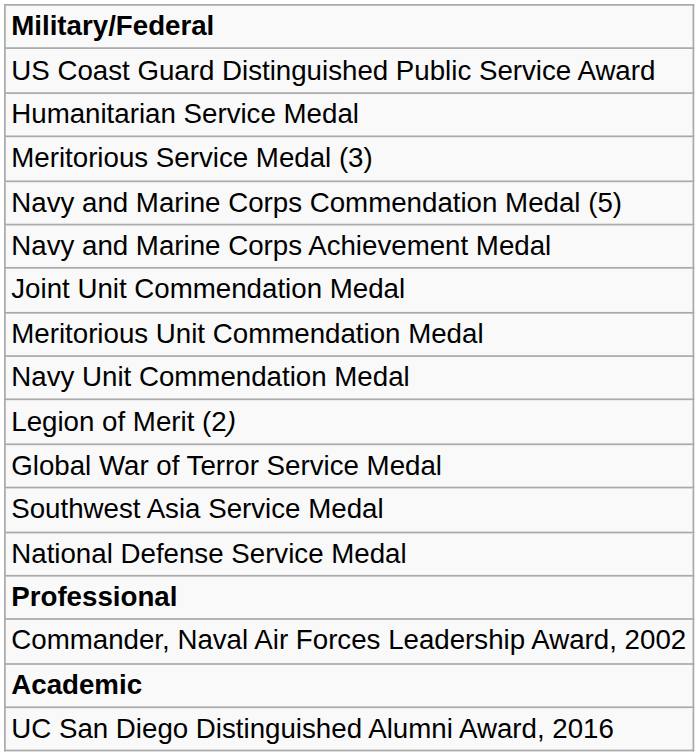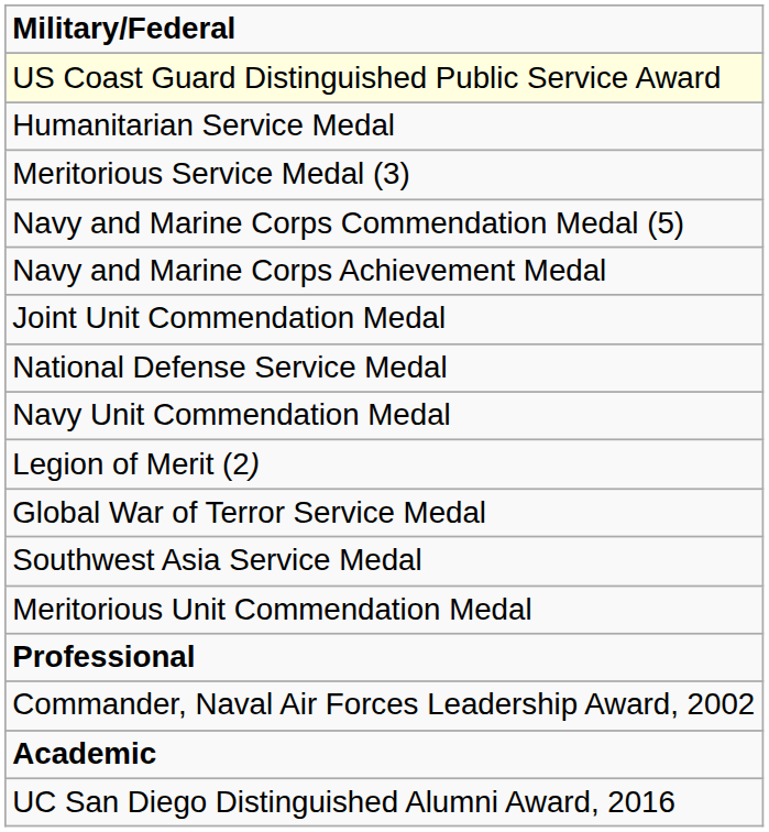 <table class="wikitable">
 <tr>
 <td><strong>Military/Federal</strong></td>
 </tr>
 <tr>
-<td>US Coast Guard Distinguished Public Service Award</td>
+<td style="background: lightyellow;">US Coast Guard Distinguished Public Service Award</td>
 </tr>
 <tr>
 <td>Humanitarian Service Medal</td>
 </tr>
 <tr>
 <td>Meritorious Service Medal (3)</td>
 </tr>
 <tr>
 <td>Navy and Marine Corps Commendation Medal (5)</td>
 </tr>
 <tr>
 <td>Navy and Marine Corps Achievement Medal</td>
 </tr>
 <tr>
 <td>Joint Unit Commendation Medal</td>
 </tr>
 <tr>
-<td>Meritorious Unit Commendation Medal</td>
+<td>National Defense Service Medal</td>
 </tr>
 <tr>
 <td>Navy Unit Commendation Medal</td>
 </tr>
 <tr>
 <td>Legion of Merit (2<em>)</em></td>
 </tr>
 <tr>
 <td>Global War of Terror Service Medal</td>
 </tr>
 <tr>
 <td>Southwest Asia Service Medal</td>
 </tr>
 <tr>
-<td>National Defense Service Medal</td>
+<td>Meritorious Unit Commendation Medal</td>
 </tr>
 <tr>
 <td><strong>Professional</strong></td>
 </tr>
 <tr>
 <td>Commander, Naval Air Forces Leadership Award, 2002</td>
 </tr>
 <tr>
 <td><strong>Academic</strong></td>
 </tr>
 <tr>
 <td>UC San Diego Distinguished Alumni Award, 2016</td>
 </tr>
 </table>
